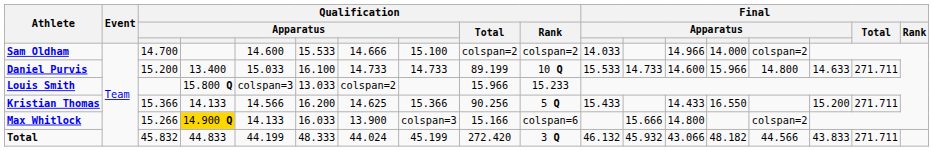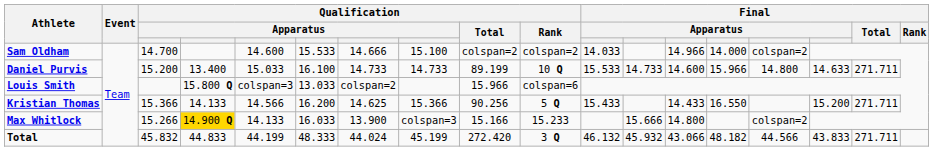 <table class="wikitable" style="text-align:center; font-size:90%">
 <tr>
 <th rowspan=3>Athlete</th>
 <th rowspan=3>Event</th>
 <th colspan =8>Qualification</th>
 <th colspan =8>Final</th>
 </tr>
 <tr style="font-size:95%">
 <th colspan=6>Apparatus</th>
 <th rowspan=2>Total</th>
 <th rowspan=2>Rank</th>
 <th colspan=6>Apparatus</th>
 <th rowspan=2>Total</th>
 <th rowspan=2>Rank</th>
 </tr>
 <tr style="font-size:95%">
 <th></th>
 <th></th>
 <th></th>
 <th></th>
 <th></th>
 <th></th>
 <th></th>
 <th></th>
 <th></th>
 <th></th>
 <th></th>
 <th></th>
 </tr>
 <tr>
 <td style="text-align:left;"><strong><a href='#'>Sam Oldham</a></strong></td>
 <td style="text-align:left;" rowspan="6"><a href='#'>Team</a></td>
 <td>14.700</td>
 <td></td>
 <td>14.600</td>
 <td>15.533</td>
 <td>14.666</td>
 <td>15.100</td>
 <td>colspan=2 </td>
 <td>colspan=2 </td>
 <td>14.033</td>
 <td></td>
 <td>14.966</td>
 <td>14.000</td>
 <td>colspan=2 </td>
 </tr>
 <tr>
 <td style="text-align:left;"><strong><a href='#'>Daniel Purvis</a></strong></td>
 <td>15.200</td>
 <td>13.400</td>
 <td>15.033</td>
 <td>16.100</td>
 <td>14.733</td>
 <td>14.733</td>
 <td>89.199</td>
 <td>10 <strong>Q</strong></td>
 <td>15.533</td>
 <td>14.733</td>
 <td>14.600</td>
 <td>15.966</td>
 <td>14.800</td>
 <td>14.633</td>
 <td>271.711</td>
 </tr>
 <tr>
 <td style="text-align:left;"><strong><a href='#'>Louis Smith</a></strong></td>
 <td></td>
 <td>15.800 <strong>Q</strong></td>
 <td>colspan=3 </td>
 <td>13.033</td>
 <td>colspan=2 </td>
 <td></td>
 <td>15.966</td>
-<td>15.233</td>
+<td>colspan=6 </td>
 </tr>
 <tr>
 <td style="text-align:left;"><strong><a href='#'>Kristian Thomas</a></strong></td>
 <td>15.366</td>
 <td>14.133</td>
 <td>14.566</td>
 <td>16.200</td>
 <td>14.625</td>
 <td>15.366</td>
 <td>90.256</td>
 <td>5 <strong>Q</strong></td>
 <td>15.433</td>
 <td></td>
 <td>14.433</td>
 <td>16.550</td>
 <td></td>
 <td>15.200</td>
 <td>271.711</td>
 </tr>
 <tr>
 <td style="text-align:left;"><strong><a href='#'>Max Whitlock</a></strong></td>
 <td>15.266</td>
 <td style="background: gold;">14.900 <strong>Q</strong></td>
 <td>14.133</td>
 <td>16.033</td>
 <td>13.900</td>
 <td>colspan=3 </td>
 <td>15.166</td>
-<td>colspan=6 </td>
+<td>15.233</td>
 <td></td>
 <td>15.666</td>
 <td>14.800</td>
 <td></td>
 <td>colspan=2 </td>
 </tr>
 <tr>
 <td style="text-align:left;"><strong>Total</strong></td>
 <td>45.832</td>
 <td>44.833</td>
 <td>44.199</td>
 <td>48.333</td>
 <td>44.024</td>
 <td>45.199</td>
 <td>272.420</td>
 <td>3 <strong>Q</strong></td>
 <td>46.132</td>
 <td>45.932</td>
 <td>43.066</td>
 <td>48.182</td>
 <td>44.566</td>
 <td>43.833</td>
 <td>271.711</td>
 <td></td>
 </tr>
 </table>
